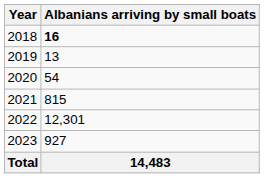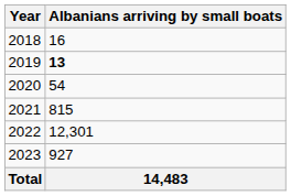 <table class="wikitable">
 <tr>
 <th>Year</th>
 <th>Albanians arriving by small boats</th>
 </tr>
 <tr>
 <td>2018</td>
-<td><strong>16</strong></td>
+<td>16</td>
 </tr>
 <tr>
 <td>2019</td>
-<td>13</td>
+<td><strong>13</strong></td>
 </tr>
 <tr>
 <td>2020</td>
 <td>54</td>
 </tr>
 <tr>
 <td>2021</td>
 <td>815</td>
 </tr>
 <tr>
 <td>2022</td>
 <td>12,301</td>
 </tr>
 <tr>
 <td>2023</td>
 <td>927</td>
 </tr>
 <tr>
 <th>Total</th>
 <th>14,483</th>
 </tr>
 </table>
